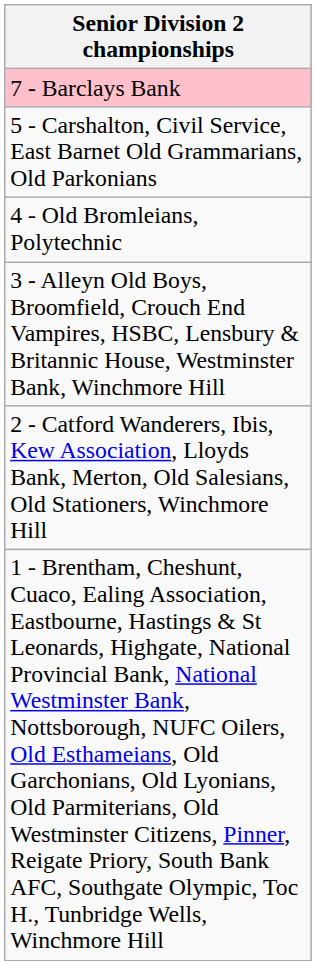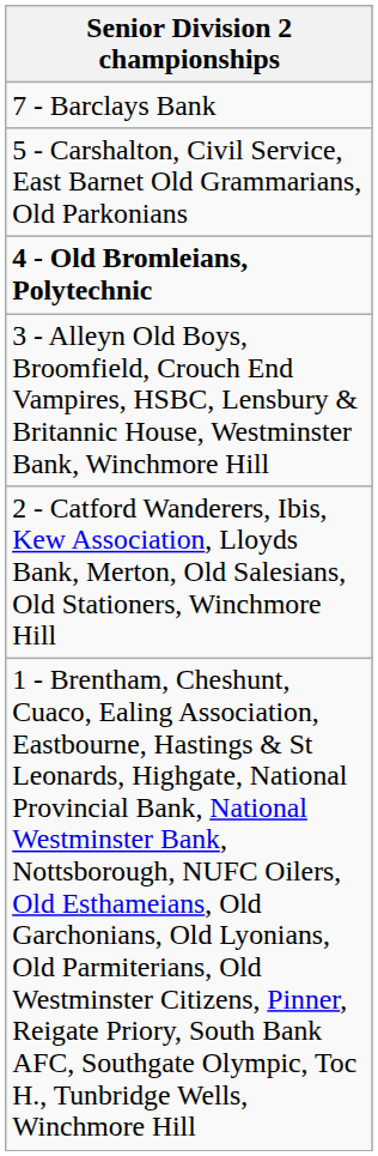 <table class="wikitable" style="text-align: left">
 <tr>
 <th width=200>Senior Division 2 championships</th>
 </tr>
 <tr>
-<td style="background: pink;">7 - Barclays Bank</td>
+<td>7 - Barclays Bank</td>
 </tr>
 <tr>
 <td>5 - Carshalton, Civil Service, East Barnet Old Grammarians, Old Parkonians</td>
 </tr>
 <tr>
-<td>4 - Old Bromleians, Polytechnic</td>
+<td><strong>4 - Old Bromleians, Polytechnic</strong></td>
 </tr>
 <tr>
 <td>3 - Alleyn Old Boys, Broomfield, Crouch End Vampires, HSBC, Lensbury & Britannic House, Westminster Bank, Winchmore Hill</td>
 </tr>
 <tr>
 <td>2 - Catford Wanderers, Ibis, <a href='#'>Kew Association</a>, Lloyds Bank, Merton, Old Salesians, Old Stationers, Winchmore Hill</td>
 </tr>
 <tr>
 <td>1 - Brentham, Cheshunt, Cuaco, Ealing Association, Eastbourne, Hastings & St Leonards, Highgate, National Provincial Bank, <a href='#'>National Westminster Bank</a>, Nottsborough, NUFC Oilers, <a href='#'>Old Esthameians</a>, Old Garchonians, Old Lyonians, Old Parmiterians, Old Westminster Citizens, <a href='#'>Pinner</a>, Reigate Priory, South Bank AFC, Southgate Olympic, Toc H., Tunbridge Wells, Winchmore Hill</td>
 </tr>
 <tr>
 </tr>
 </table>
